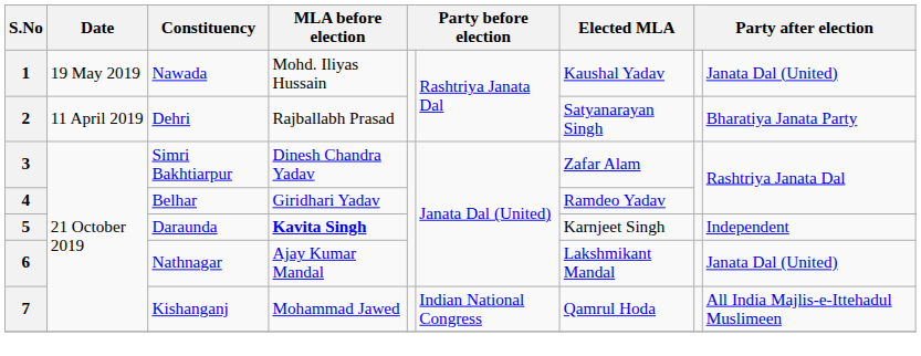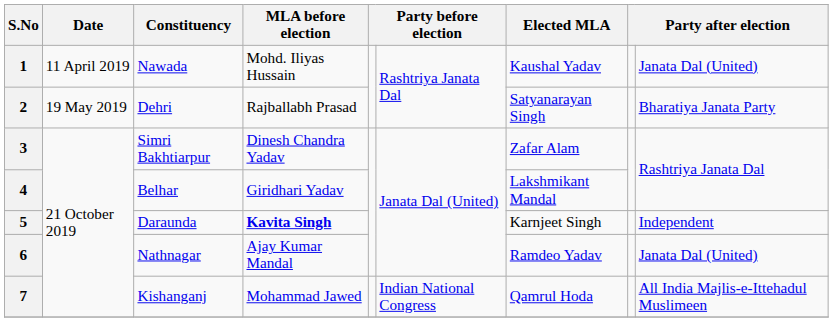 <table class="wikitable sortable">
 <tr>
 <th>S.No</th>
 <th>Date</th>
 <th>Constituency</th>
 <th>MLA before election</th>
 <th colspan="2">Party before election</th>
 <th>Elected MLA</th>
 <th colspan="2">Party after election</th>
 </tr>
 <tr>
 <th>1</th>
-<td>19 May 2019</td>
+<td>11 April 2019</td>
 <td><a href='#'>Nawada</a></td>
 <td>Mohd. Iliyas Hussain</td>
 <td rowspan="2" width="1px"></td>
 <td rowspan="2"><a href='#'>Rashtriya Janata Dal</a></td>
 <td><a href='#'>Kaushal Yadav</a></td>
 <td></td>
 <td><a href='#'>Janata Dal (United)</a></td>
 </tr>
 <tr>
 <th>2</th>
-<td>11 April 2019</td>
+<td>19 May 2019</td>
 <td><a href='#'>Dehri</a></td>
 <td>Rajballabh Prasad</td>
 <td><a href='#'>Satyanarayan Singh</a></td>
 <td></td>
 <td><a href='#'>Bharatiya Janata Party</a></td>
 </tr>
 <tr>
 <th>3</th>
 <td rowspan="5">21 October 2019</td>
 <td><a href='#'>Simri Bakhtiarpur</a></td>
 <td><a href='#'>Dinesh Chandra Yadav</a></td>
 <td rowspan="4" width="1px"></td>
 <td rowspan="4"><a href='#'>Janata Dal (United)</a></td>
 <td><a href='#'>Zafar Alam</a></td>
 <td rowspan="2" width="1px"></td>
 <td rowspan="2"><a href='#'>Rashtriya Janata Dal</a></td>
 </tr>
 <tr>
 <th>4</th>
 <td><a href='#'>Belhar</a></td>
 <td><a href='#'>Giridhari Yadav</a></td>
-<td><a href='#'>Ramdeo Yadav</a></td>
+<td><a href='#'>Lakshmikant Mandal</a></td>
 </tr>
 <tr>
 <th>5</th>
 <td><a href='#'>Daraunda</a></td>
 <td><strong><a href='#'>Kavita Singh</a></strong></td>
 <td>Karnjeet Singh</td>
 <td></td>
 <td><a href='#'>Independent</a></td>
 </tr>
 <tr>
 <th>6</th>
 <td><a href='#'>Nathnagar</a></td>
 <td><a href='#'>Ajay Kumar Mandal</a></td>
-<td><a href='#'>Lakshmikant Mandal</a></td>
+<td><a href='#'>Ramdeo Yadav</a></td>
 <td></td>
 <td><a href='#'>Janata Dal (United)</a></td>
 </tr>
 <tr>
 <th>7</th>
 <td><a href='#'>Kishanganj</a></td>
 <td><a href='#'>Mohammad Jawed</a></td>
 <td></td>
 <td><a href='#'>Indian National Congress</a></td>
 <td><a href='#'>Qamrul Hoda</a></td>
 <td></td>
 <td><a href='#'>All India Majlis-e-Ittehadul Muslimeen</a></td>
 </tr>
 <tr>
 </tr>
 </table>
